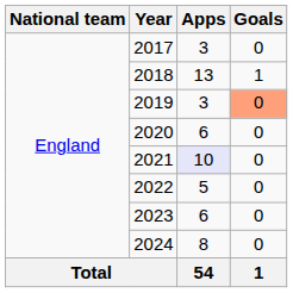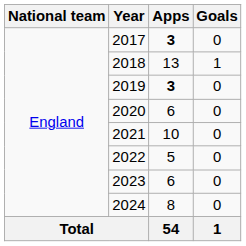 <table class="wikitable" style="text-align: center;">
 <tr>
 <th>National team</th>
 <th>Year</th>
 <th>Apps</th>
 <th>Goals</th>
 </tr>
 <tr>
 <td rowspan="8"><a href='#'>England</a></td>
 <td>2017</td>
-<td>3</td>
+<td><strong>3</strong></td>
 <td>0</td>
 </tr>
 <tr>
 <td>2018</td>
 <td>13</td>
 <td>1</td>
 </tr>
 <tr>
 <td>2019</td>
-<td>3</td>
-<td style="background: lightsalmon;">0</td>
+<td><strong>3</strong></td>
+<td>0</td>
 </tr>
 <tr>
 <td>2020</td>
 <td>6</td>
 <td>0</td>
 </tr>
 <tr>
 <td>2021</td>
-<td style="background: lavender;">10</td>
+<td>10</td>
 <td>0</td>
 </tr>
 <tr>
 <td>2022</td>
 <td>5</td>
 <td>0</td>
 </tr>
 <tr>
 <td>2023</td>
 <td>6</td>
 <td>0</td>
 </tr>
 <tr>
 <td>2024</td>
 <td>8</td>
 <td>0</td>
 </tr>
 <tr>
 <th colspan="2">Total</th>
 <th>54</th>
 <th>1</th>
 </tr>
 </table>
